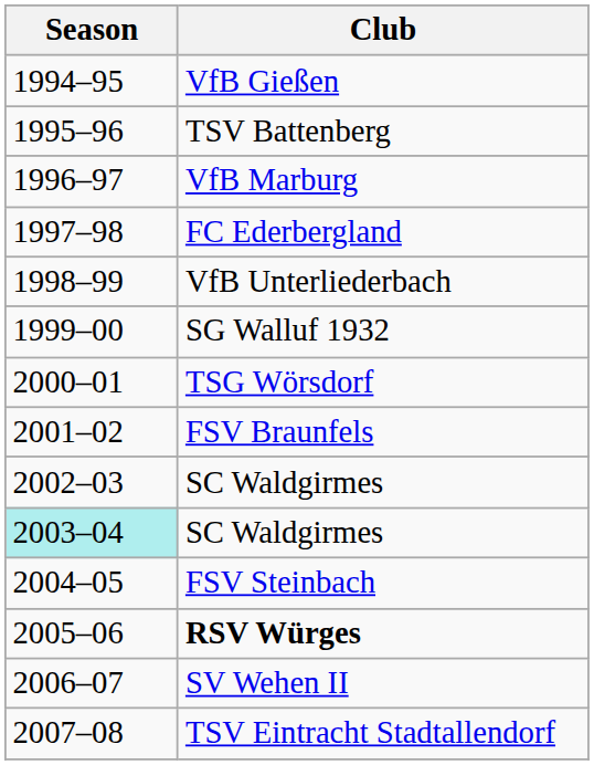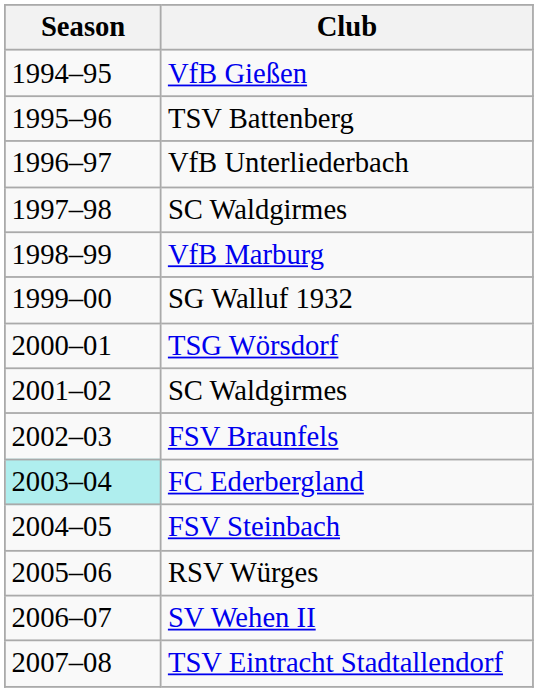 <table class="wikitable">
 <tr align="center" bgcolor="#dfdfdf">
 <th width="80">Season</th>
 <th width="200">Club</th>
 </tr>
 <tr>
 <td>1994–95</td>
 <td><a href='#'>VfB Gießen</a></td>
 </tr>
 <tr>
 <td>1995–96</td>
 <td>TSV Battenberg</td>
 </tr>
 <tr>
 <td>1996–97</td>
-<td><a href='#'>VfB Marburg</a></td>
+<td>VfB Unterliederbach</td>
 </tr>
 <tr>
 <td>1997–98</td>
-<td><a href='#'>FC Ederbergland</a></td>
+<td>SC Waldgirmes</td>
 </tr>
 <tr>
 <td>1998–99</td>
-<td>VfB Unterliederbach</td>
+<td><a href='#'>VfB Marburg</a></td>
 </tr>
 <tr>
 <td>1999–00</td>
 <td>SG Walluf 1932</td>
 </tr>
 <tr>
 <td>2000–01</td>
 <td><a href='#'>TSG Wörsdorf</a></td>
 </tr>
 <tr>
 <td>2001–02</td>
+<td>SC Waldgirmes</td>
+</tr>
+<tr>
+<td>2002–03</td>
 <td><a href='#'>FSV Braunfels</a></td>
 </tr>
 <tr>
-<td>2002–03</td>
-<td>SC Waldgirmes</td>
-</tr>
-<tr>
 <td style="background: paleturquoise;">2003–04</td>
-<td>SC Waldgirmes</td>
+<td><a href='#'>FC Ederbergland</a></td>
 </tr>
 <tr>
 <td>2004–05</td>
 <td><a href='#'>FSV Steinbach</a></td>
 </tr>
 <tr>
 <td>2005–06</td>
-<td><strong>RSV Würges</strong></td>
+<td>RSV Würges</td>
 </tr>
 <tr>
 <td>2006–07</td>
 <td><a href='#'>SV Wehen II</a></td>
 </tr>
 <tr>
 <td>2007–08</td>
 <td><a href='#'>TSV Eintracht Stadtallendorf</a></td>
 </tr>
 </table>
